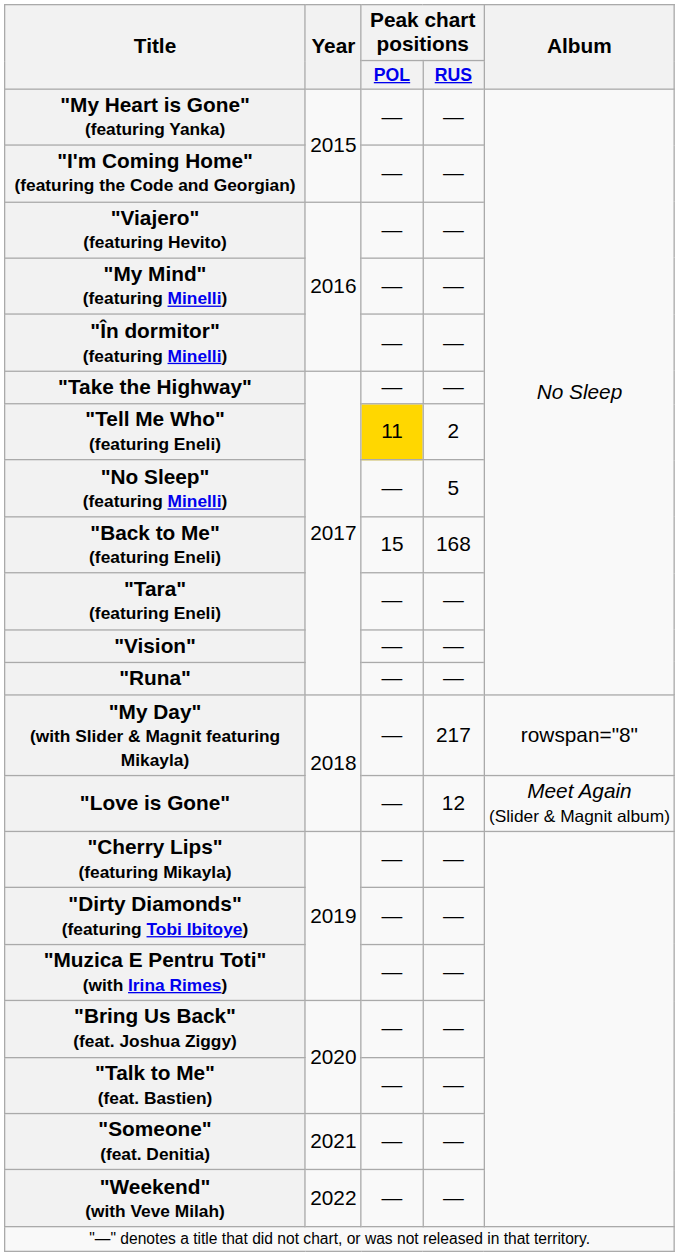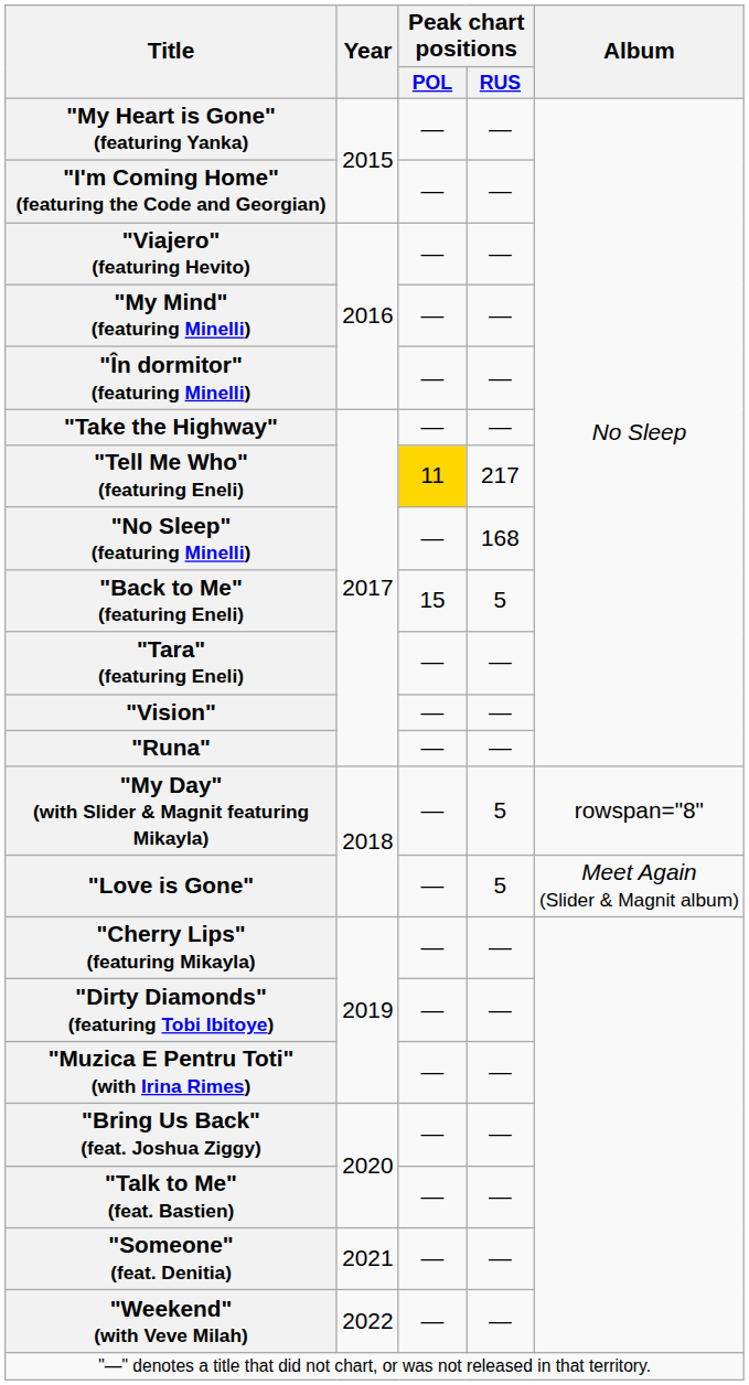 <table class="wikitable plainrowheaders" style="text-align:center;">
 <tr>
 <th scope="col" style="width:14em;" rowspan="2">Title</th>
 <th scope="col" rowspan="2">Year</th>
 <th scope="col" colspan="2">Peak chart positions</th>
 <th scope="col" rowspan="2">Album</th>
 </tr>
 <tr>
 <th style="width:3em;font-size:85%"><a href='#'>POL</a><br></th>
 <th style="width:3em;font-size:85%"><a href='#'>RUS</a><br></th>
 </tr>
 <tr>
 <th scope="row">"My Heart is Gone"<br><small>(featuring Yanka)</small></th>
 <td rowspan="2">2015</td>
 <td>—</td>
 <td>—</td>
 <td rowspan="12"><em>No Sleep</em></td>
 </tr>
 <tr>
 <th scope="row">"I'm Coming Home"<br><small>(featuring the Code and Georgian)</small></th>
 <td>—</td>
 <td>—</td>
 </tr>
 <tr>
 <th scope="row">"Viajero"<br><small>(featuring Hevito)</small></th>
 <td rowspan="3">2016</td>
 <td>—</td>
 <td>—</td>
 </tr>
 <tr>
 <th scope="row">"My Mind"<br><small>(featuring <a href='#'>Minelli</a>)</small></th>
 <td>—</td>
 <td>—</td>
 </tr>
 <tr>
 <th scope="row">"În dormitor"<br><small>(featuring <a href='#'>Minelli</a>)</small></th>
 <td>—</td>
 <td>—</td>
 </tr>
 <tr>
 <th scope="row">"Take the Highway"</th>
 <td rowspan="7">2017</td>
 <td>—</td>
 <td>—</td>
 </tr>
 <tr>
 <th scope="row">"Tell Me Who"<br><small>(featuring Eneli)</small></th>
 <td style="background: gold;">11</td>
-<td>2</td>
+<td>217</td>
 </tr>
 <tr>
 <th scope="row">"No Sleep"<br><small>(featuring <a href='#'>Minelli</a>)</small></th>
 <td>—</td>
-<td>5</td>
+<td>168</td>
 </tr>
 <tr>
 <th scope="row">"Back to Me"<br><small>(featuring Eneli)</small></th>
 <td>15</td>
-<td>168</td>
+<td>5</td>
 </tr>
 <tr>
 <th scope="row">"Tara"<br><small>(featuring Eneli)</small></th>
 <td>—</td>
 <td>—</td>
 </tr>
 <tr>
 <th scope="row">"Vision"</th>
 <td>—</td>
 <td>—</td>
 </tr>
 <tr>
 <th scope="row">"Runa"</th>
 <td>—</td>
 <td>—</td>
 </tr>
 <tr>
 <th scope="row">"My Day"<br><small>(with Slider & Magnit featuring Mikayla)</small></th>
 <td rowspan="2">2018</td>
 <td>—</td>
-<td>217</td>
+<td>5</td>
 <td>rowspan="8" </td>
 </tr>
 <tr>
 <th scope="row">"Love is Gone"</th>
 <td>—</td>
-<td>12</td>
+<td>5</td>
 <td><em>Meet Again</em><br><small>(Slider & Magnit album)</small></td>
 </tr>
 <tr>
 <th scope="row">"Cherry Lips"<br><small>(featuring Mikayla)</small></th>
 <td rowspan="3">2019</td>
 <td>—</td>
 <td>—</td>
 </tr>
 <tr>
 <th scope="row">"Dirty Diamonds"<br><small>(featuring <a href='#'>Tobi Ibitoye</a>)</small></th>
 <td>—</td>
 <td>—</td>
 </tr>
 <tr>
 <th scope="row">"Muzica E Pentru Toti"<br><small>(with <a href='#'>Irina Rimes</a>)</small></th>
 <td>—</td>
 <td>—</td>
 </tr>
 <tr>
 <th scope="row">"Bring Us Back"<br><small>(feat. Joshua Ziggy)</small></th>
 <td rowspan="2">2020</td>
 <td>—</td>
 <td>—</td>
 </tr>
 <tr>
 <th scope="row">"Talk to Me"<br><small>(feat. Bastien)</small></th>
 <td>—</td>
 <td>—</td>
 </tr>
 <tr>
 <th scope="row">"Someone"<br><small>(feat. Denitia)</small></th>
 <td>2021</td>
 <td>—</td>
 <td>—</td>
 </tr>
 <tr>
 <th scope="row">"Weekend"<br><small>(with Veve Milah)</small></th>
 <td>2022</td>
 <td>—</td>
 <td>—</td>
 </tr>
 <tr>
 <td colspan="5" style="font-size:9pt">"—" denotes a title that did not chart, or was not released in that territory.</td>
 </tr>
 </table>
